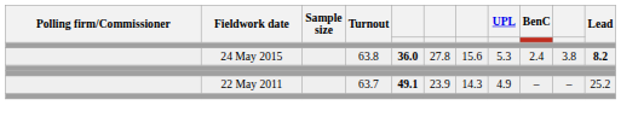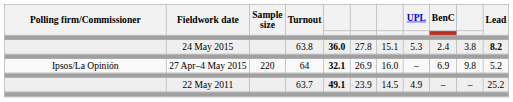 <table class="wikitable collapsible collapsed" style="text-align:center; font-size:95%; line-height:16px;">
 <tr style="height:42px;">
 <th style="width:250px;" rowspan="2">Polling firm/Commissioner</th>
 <th style="width:125px;" rowspan="2">Fieldwork date</th>
 <th style="width:50px;" rowspan="2">Sample size</th>
 <th style="width:45px;" rowspan="2">Turnout</th>
 <th style="width:35px;"></th>
 <th style="width:35px;"></th>
 <th style="width:35px;"></th>
 <th style="width:35px;"><a href='#'>UPL</a></th>
 <th style="width:35px;">BenC</th>
 <th style="width:35px;"></th>
 <th style="width:30px;" rowspan="2">Lead</th>
 </tr>
 <tr>
 <th style="color:inherit;background:"></th>
 <th style="color:inherit;background:"></th>
 <th style="color:inherit;background:"></th>
 <th style="color:inherit;background:"></th>
 <th style="color:inherit;background:#C02C1E;"></th>
 <th style="color:inherit;background:"></th>
 </tr>
 <tr>
 <td colspan="11" style="background:#A0A0A0"></td>
 </tr>
 <tr style="background:#EFEFEF;">
 <td><strong></strong></td>
 <td>24 May 2015</td>
 <td></td>
 <td>63.8</td>
 <td><strong>36.0</strong><br></td>
 <td>27.8<br></td>
-<td>15.6<br></td>
+<td>15.1<br></td>
 <td>5.3<br></td>
 <td>2.4<br></td>
 <td>3.8<br></td>
 <td style="background:"><strong>8.2</strong></td>
 </tr>
 <tr>
 <td colspan="11" style="background:#A0A0A0"></td>
+</tr>
+<tr>
+<td>Ipsos/La Opinión</td>
+<td>27 Apr–4 May 2015</td>
+<td>220</td>
+<td>64</td>
+<td><strong>32.1</strong><br></td>
+<td>26.9<br></td>
+<td>16.0<br></td>
+<td>–</td>
+<td>6.9<br></td>
+<td>9.8<br></td>
+<td style="background:">5.2</td>
 </tr>
 <tr>
 <td colspan="11" style="background:#A0A0A0"></td>
 </tr>
 <tr style="background:#EFEFEF;">
 <td><strong></strong></td>
 <td>22 May 2011</td>
 <td></td>
 <td>63.7</td>
 <td><strong>49.1</strong><br></td>
 <td>23.9<br></td>
-<td>14.3<br></td>
+<td>14.5<br></td>
 <td>4.9<br></td>
 <td>–</td>
 <td>–</td>
 <td style="background:">25.2</td>
 </tr>
 <tr>
 <td colspan="11" style="background:#A0A0A0"></td>
 </tr>
 </table>
